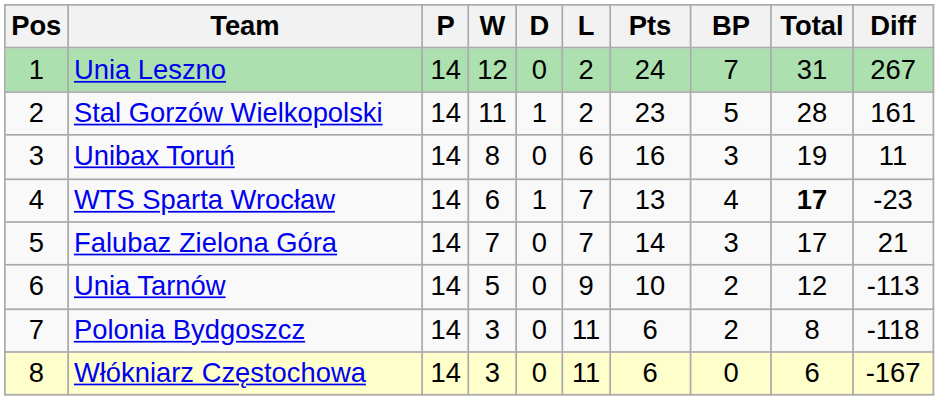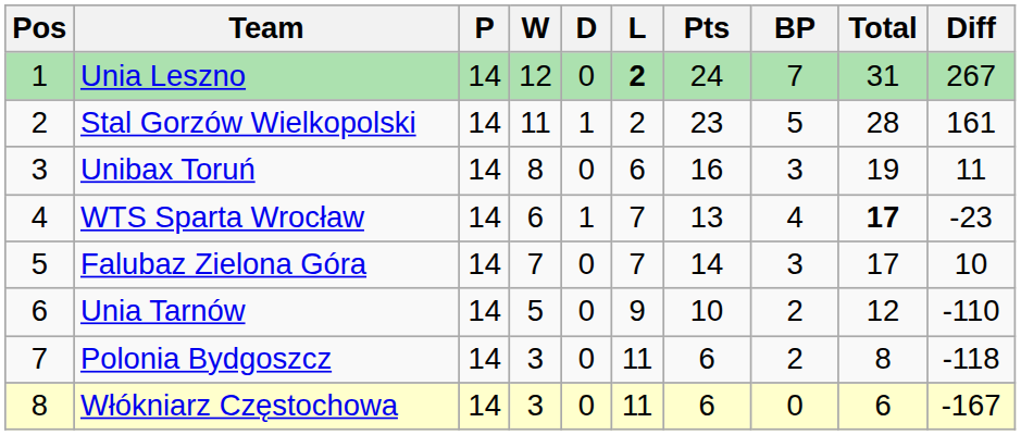 <table class="wikitable" style="font-size: 100%">
 <tr>
 <th width=20>Pos</th>
 <th width=200>Team</th>
 <th width=20>P</th>
 <th width=20>W</th>
 <th width=20>D</th>
 <th width=20>L</th>
 <th width=40>Pts</th>
 <th width=40>BP</th>
 <th width=40>Total</th>
 <th width=40>Diff</th>
 </tr>
 <tr align=center style="background:#ACE1AF;">
 <td>1</td>
 <td align="left"><a href='#'>Unia Leszno</a></td>
 <td>14</td>
 <td>12</td>
 <td>0</td>
-<td>2</td>
+<td><strong>2</strong></td>
 <td>24</td>
 <td>7</td>
 <td>31</td>
 <td>267</td>
 </tr>
 <tr align=center>
 <td>2</td>
 <td align="left"><a href='#'>Stal Gorzów Wielkopolski</a></td>
 <td>14</td>
 <td>11</td>
 <td>1</td>
 <td>2</td>
 <td>23</td>
 <td>5</td>
 <td>28</td>
 <td>161</td>
 </tr>
 <tr align=center>
 <td>3</td>
 <td align="left"><a href='#'>Unibax Toruń</a></td>
 <td>14</td>
 <td>8</td>
 <td>0</td>
 <td>6</td>
 <td>16</td>
 <td>3</td>
 <td>19</td>
 <td>11</td>
 </tr>
 <tr align=center>
 <td>4</td>
 <td align="left"><a href='#'>WTS Sparta Wrocław</a></td>
 <td>14</td>
 <td>6</td>
 <td>1</td>
 <td>7</td>
 <td>13</td>
 <td>4</td>
 <td><strong>17</strong></td>
 <td>-23</td>
 </tr>
 <tr align=center>
 <td>5</td>
 <td align="left"><a href='#'>Falubaz Zielona Góra</a></td>
 <td>14</td>
 <td>7</td>
 <td>0</td>
 <td>7</td>
 <td>14</td>
 <td>3</td>
 <td>17</td>
-<td>21</td>
+<td>10</td>
 </tr>
 <tr align=center>
 <td>6</td>
 <td align="left"><a href='#'>Unia Tarnów</a></td>
 <td>14</td>
 <td>5</td>
 <td>0</td>
 <td>9</td>
 <td>10</td>
 <td>2</td>
 <td>12</td>
-<td>-113</td>
+<td>-110</td>
 </tr>
 <tr align=center>
 <td>7</td>
 <td align="left"><a href='#'>Polonia Bydgoszcz</a></td>
 <td>14</td>
 <td>3</td>
 <td>0</td>
 <td>11</td>
 <td>6</td>
 <td>2</td>
 <td>8</td>
 <td>-118</td>
 </tr>
 <tr align=center style="background: #ffffcc;">
 <td>8</td>
 <td align="left"><a href='#'>Włókniarz Częstochowa</a></td>
 <td>14</td>
 <td>3</td>
 <td>0</td>
 <td>11</td>
 <td>6</td>
 <td>0</td>
 <td>6</td>
 <td>-167</td>
 </tr>
 </table>
